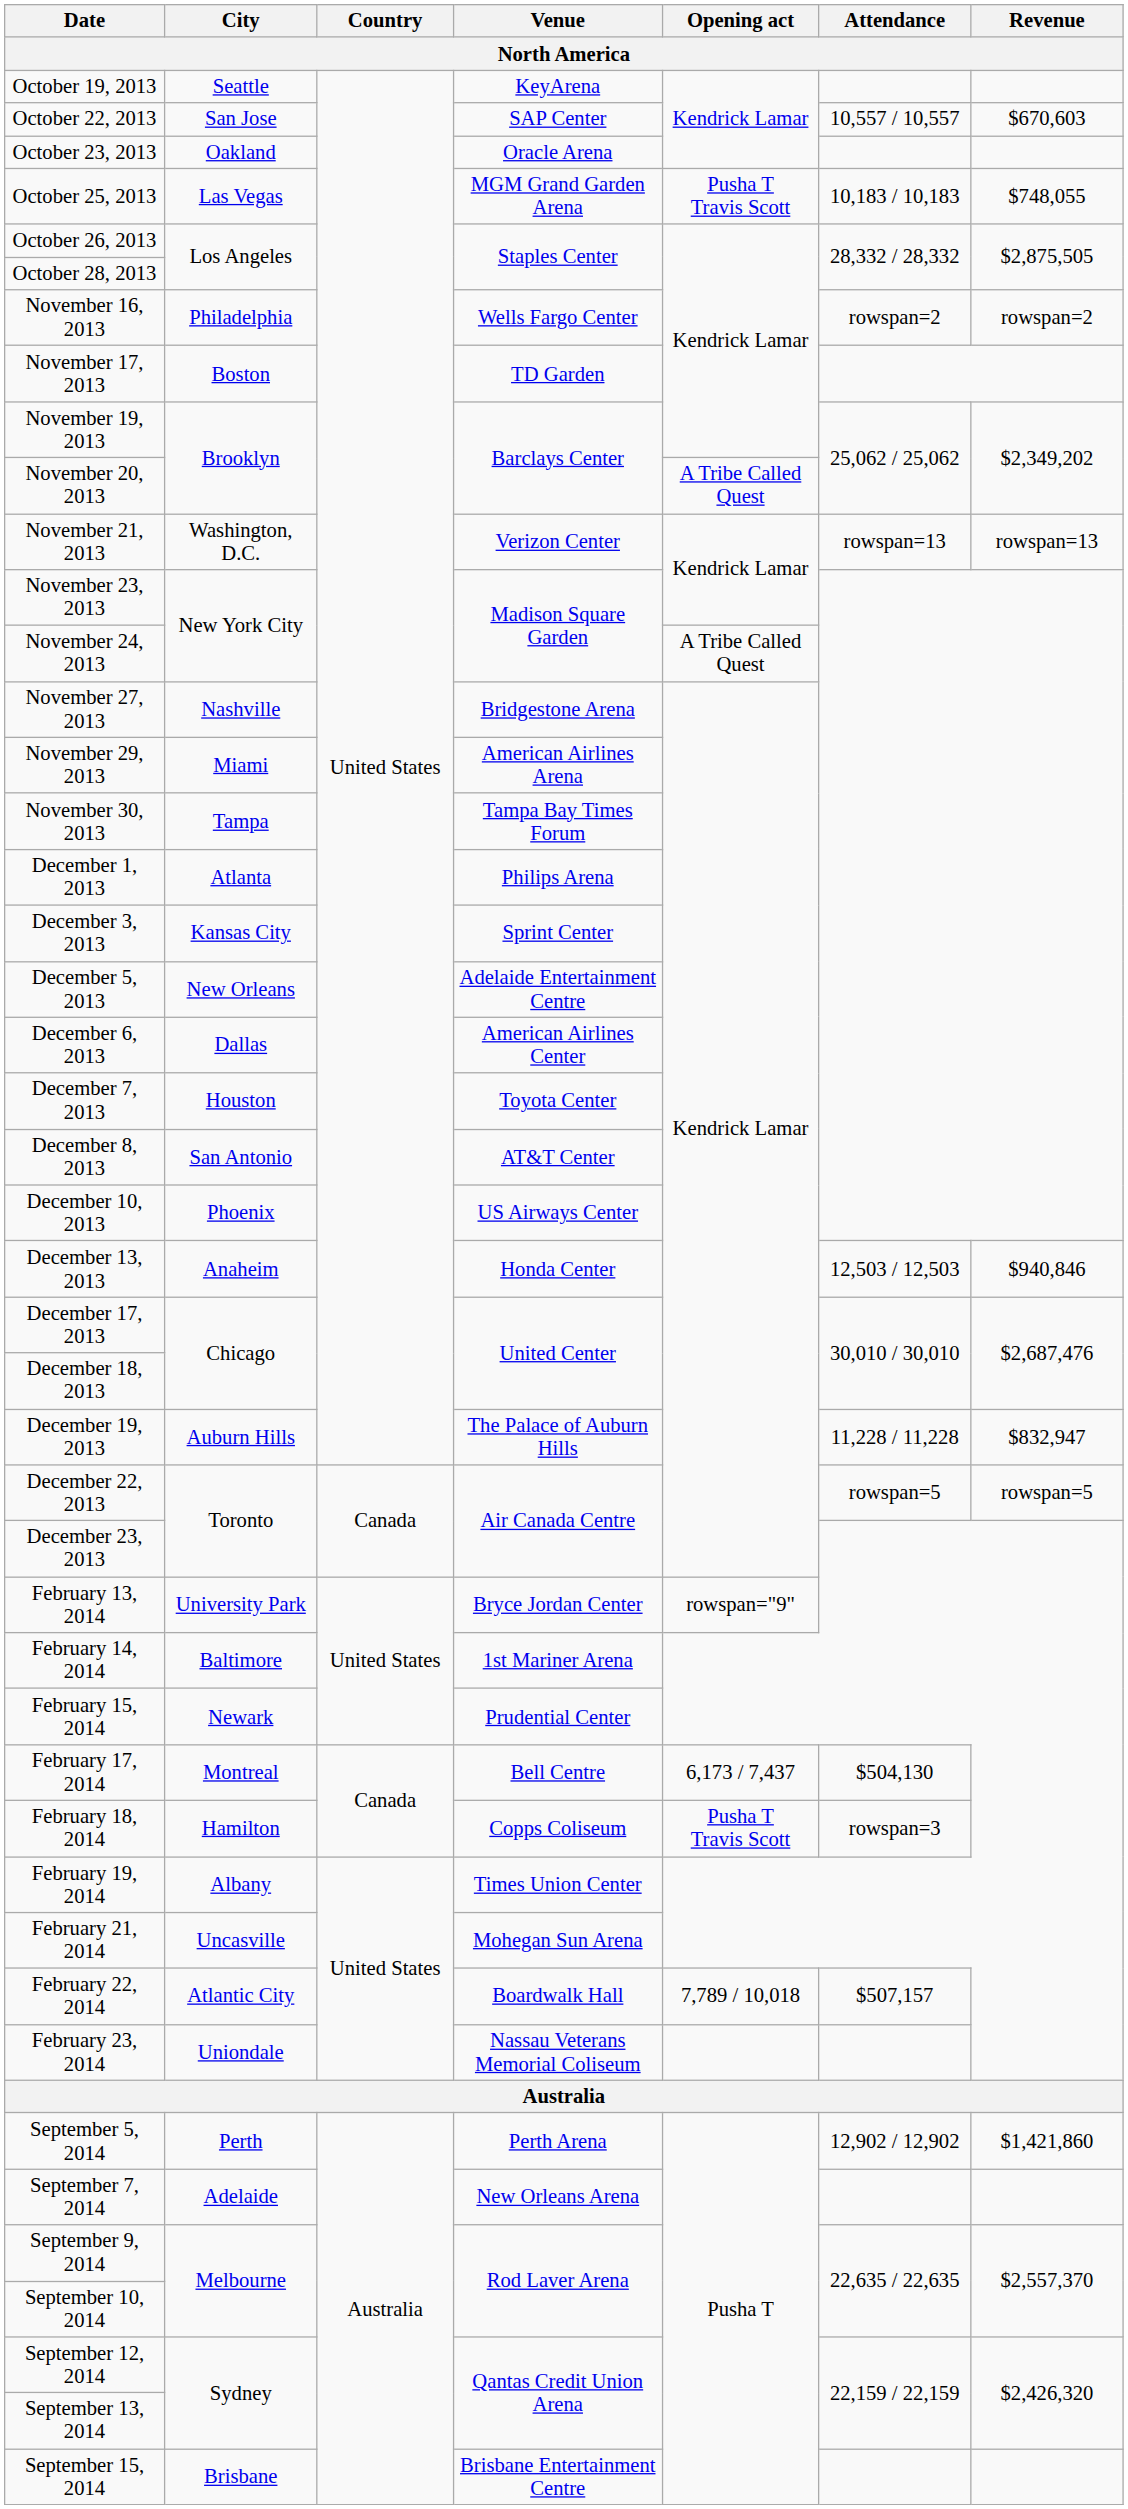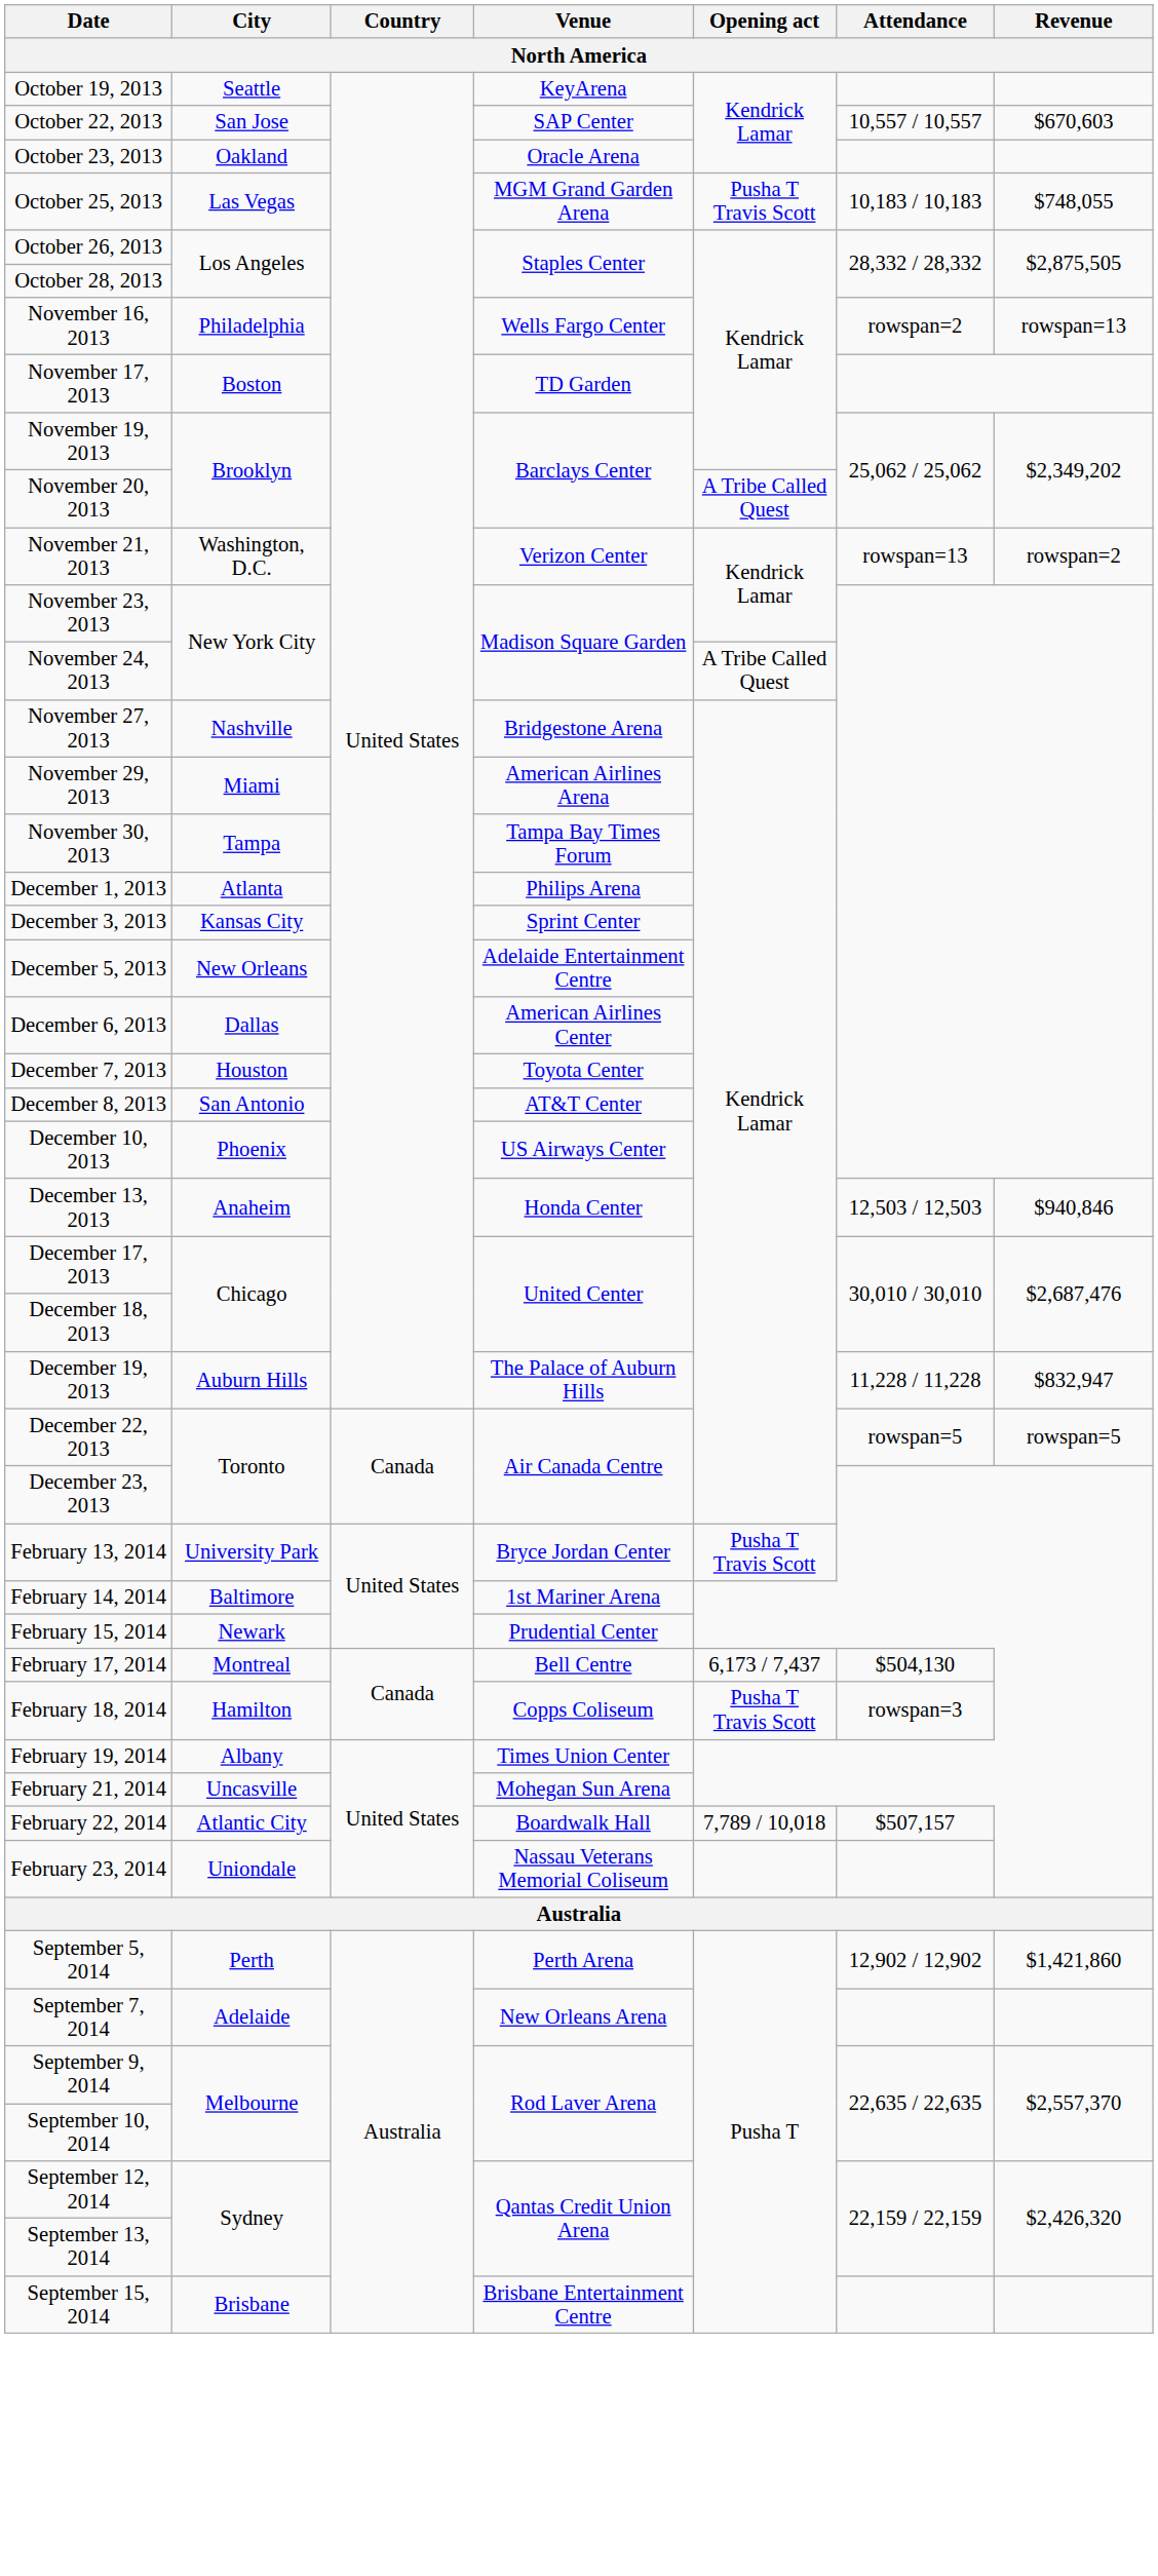 <table class="wikitable" style="text-align:center;">
 <tr>
 <th scope="col" style="width:12em;">Date</th>
 <th scope="col" style="width:10em;">City</th>
 <th scope="col" style="width:10em;">Country</th>
 <th scope="col" style="width:16em;">Venue</th>
 <th scope="col" style="width:10em;">Opening act</th>
 <th scope="col" style="width:10em;">Attendance</th>
 <th scope="col" style="width:10em;">Revenue</th>
 </tr>
 <tr>
 <th colspan="7">North America</th>
 </tr>
 <tr>
 <td>October 19, 2013</td>
 <td><a href='#'>Seattle</a></td>
 <td rowspan="27">United States</td>
 <td><a href='#'>KeyArena</a></td>
 <td rowspan=3><a href='#'>Kendrick Lamar</a></td>
 <td></td>
 <td></td>
 </tr>
 <tr>
 <td>October 22, 2013</td>
 <td><a href='#'>San Jose</a></td>
 <td><a href='#'>SAP Center</a></td>
 <td>10,557 / 10,557</td>
 <td>$670,603</td>
 </tr>
 <tr>
 <td>October 23, 2013</td>
 <td><a href='#'>Oakland</a></td>
 <td><a href='#'>Oracle Arena</a></td>
 <td></td>
 <td></td>
 </tr>
 <tr>
 <td>October 25, 2013</td>
 <td><a href='#'>Las Vegas</a></td>
 <td><a href='#'>MGM Grand Garden Arena</a></td>
 <td><a href='#'>Pusha T</a><br><a href='#'>Travis Scott</a></td>
 <td>10,183 / 10,183</td>
 <td>$748,055</td>
 </tr>
 <tr>
 <td>October 26, 2013</td>
 <td rowspan=2>Los Angeles</td>
 <td rowspan=2><a href='#'>Staples Center</a></td>
 <td rowspan=5>Kendrick Lamar</td>
 <td rowspan=2>28,332 / 28,332</td>
 <td rowspan=2>$2,875,505</td>
 </tr>
 <tr>
 <td>October 28, 2013</td>
 </tr>
 <tr>
 <td>November 16, 2013</td>
 <td><a href='#'>Philadelphia</a></td>
 <td><a href='#'>Wells Fargo Center</a></td>
 <td>rowspan=2 </td>
-<td>rowspan=2 </td>
+<td>rowspan=13 </td>
 </tr>
 <tr>
 <td>November 17, 2013</td>
 <td><a href='#'>Boston</a></td>
 <td><a href='#'>TD Garden</a></td>
 </tr>
 <tr>
 <td>November 19, 2013</td>
 <td rowspan=2><a href='#'>Brooklyn</a></td>
 <td rowspan=2><a href='#'>Barclays Center</a></td>
 <td rowspan=2>25,062 / 25,062</td>
 <td rowspan=2>$2,349,202</td>
 </tr>
 <tr>
 <td>November 20, 2013</td>
 <td><a href='#'>A Tribe Called Quest</a></td>
 </tr>
 <tr>
 <td>November 21, 2013</td>
 <td>Washington, D.C.</td>
 <td><a href='#'>Verizon Center</a></td>
 <td rowspan="2">Kendrick Lamar</td>
 <td>rowspan=13 </td>
-<td>rowspan=13 </td>
+<td>rowspan=2 </td>
 </tr>
 <tr>
 <td>November 23, 2013</td>
 <td rowspan=2>New York City</td>
 <td rowspan=2><a href='#'>Madison Square Garden</a></td>
 </tr>
 <tr>
 <td>November 24, 2013</td>
 <td>A Tribe Called Quest</td>
 </tr>
 <tr>
 <td>November 27, 2013</td>
 <td><a href='#'>Nashville</a></td>
 <td><a href='#'>Bridgestone Arena</a></td>
 <td rowspan="16">Kendrick Lamar</td>
 </tr>
 <tr>
 <td>November 29, 2013</td>
 <td><a href='#'>Miami</a></td>
 <td><a href='#'>American Airlines Arena</a></td>
 </tr>
 <tr>
 <td>November 30, 2013</td>
 <td><a href='#'>Tampa</a></td>
 <td><a href='#'>Tampa Bay Times Forum</a></td>
 </tr>
 <tr>
 <td>December 1, 2013</td>
 <td><a href='#'>Atlanta</a></td>
 <td><a href='#'>Philips Arena</a></td>
 </tr>
 <tr>
 <td>December 3, 2013</td>
 <td><a href='#'>Kansas City</a></td>
 <td><a href='#'>Sprint Center</a></td>
 </tr>
 <tr>
 <td>December 5, 2013</td>
 <td><a href='#'>New Orleans</a></td>
 <td><a href='#'>Adelaide Entertainment Centre</a></td>
 </tr>
 <tr>
 <td>December 6, 2013</td>
 <td><a href='#'>Dallas</a></td>
 <td><a href='#'>American Airlines Center</a></td>
 </tr>
 <tr>
 <td>December 7, 2013</td>
 <td><a href='#'>Houston</a></td>
 <td><a href='#'>Toyota Center</a></td>
 </tr>
 <tr>
 <td>December 8, 2013</td>
 <td><a href='#'>San Antonio</a></td>
 <td><a href='#'>AT&T Center</a></td>
 </tr>
 <tr>
 <td>December 10, 2013</td>
 <td><a href='#'>Phoenix</a></td>
 <td><a href='#'>US Airways Center</a></td>
 </tr>
 <tr>
 <td>December 13, 2013</td>
 <td><a href='#'>Anaheim</a></td>
 <td><a href='#'>Honda Center</a></td>
 <td>12,503 / 12,503</td>
 <td>$940,846</td>
 </tr>
 <tr>
 <td>December 17, 2013</td>
 <td rowspan=2>Chicago</td>
 <td rowspan=2><a href='#'>United Center</a></td>
 <td rowspan=2>30,010 / 30,010</td>
 <td rowspan=2>$2,687,476</td>
 </tr>
 <tr>
 <td>December 18, 2013</td>
 </tr>
 <tr>
 <td>December 19, 2013</td>
 <td><a href='#'>Auburn Hills</a></td>
 <td><a href='#'>The Palace of Auburn Hills</a></td>
 <td>11,228 / 11,228</td>
 <td>$832,947</td>
 </tr>
 <tr>
 <td>December 22, 2013</td>
 <td rowspan=2>Toronto</td>
 <td rowspan="2">Canada</td>
 <td rowspan=2><a href='#'>Air Canada Centre</a></td>
 <td>rowspan=5 </td>
 <td>rowspan=5 </td>
 </tr>
 <tr>
 <td>December 23, 2013</td>
 </tr>
 <tr>
 <td>February 13, 2014</td>
 <td><a href='#'>University Park</a></td>
 <td rowspan="3">United States</td>
 <td><a href='#'>Bryce Jordan Center</a></td>
-<td>rowspan="9" </td>
+<td><a href='#'>Pusha T</a><br><a href='#'>Travis Scott</a></td>
 </tr>
 <tr>
 <td>February 14, 2014</td>
 <td><a href='#'>Baltimore</a></td>
 <td><a href='#'>1st Mariner Arena</a></td>
 </tr>
 <tr>
 <td>February 15, 2014</td>
 <td><a href='#'>Newark</a></td>
 <td><a href='#'>Prudential Center</a></td>
 </tr>
 <tr>
 <td>February 17, 2014</td>
 <td><a href='#'>Montreal</a></td>
 <td rowspan="2">Canada</td>
 <td><a href='#'>Bell Centre</a></td>
 <td>6,173 / 7,437</td>
 <td>$504,130</td>
 </tr>
 <tr>
 <td>February 18, 2014</td>
 <td><a href='#'>Hamilton</a></td>
 <td><a href='#'>Copps Coliseum</a></td>
 <td><a href='#'>Pusha T</a><br><a href='#'>Travis Scott</a></td>
 <td>rowspan=3 </td>
 </tr>
 <tr>
 <td>February 19, 2014</td>
 <td><a href='#'>Albany</a></td>
 <td rowspan="4">United States</td>
 <td><a href='#'>Times Union Center</a></td>
 </tr>
 <tr>
 <td>February 21, 2014</td>
 <td><a href='#'>Uncasville</a></td>
 <td><a href='#'>Mohegan Sun Arena</a></td>
 </tr>
 <tr>
 <td>February 22, 2014</td>
 <td><a href='#'>Atlantic City</a></td>
 <td><a href='#'>Boardwalk Hall</a></td>
 <td>7,789 / 10,018</td>
 <td>$507,157</td>
 </tr>
 <tr>
 <td>February 23, 2014</td>
 <td><a href='#'>Uniondale</a></td>
 <td><a href='#'>Nassau Veterans Memorial Coliseum</a></td>
 <td></td>
 <td></td>
 </tr>
 <tr>
 <th colspan="7">Australia</th>
 </tr>
 <tr>
 <td>September 5, 2014</td>
 <td><a href='#'>Perth</a></td>
 <td rowspan="7">Australia</td>
 <td><a href='#'>Perth Arena</a></td>
 <td rowspan="7">Pusha T</td>
 <td>12,902 / 12,902</td>
 <td>$1,421,860</td>
 </tr>
 <tr>
 <td>September 7, 2014</td>
 <td><a href='#'>Adelaide</a></td>
 <td><a href='#'>New Orleans Arena</a></td>
 <td></td>
 <td></td>
 </tr>
 <tr>
 <td>September 9, 2014</td>
 <td rowspan=2><a href='#'>Melbourne</a></td>
 <td rowspan=2><a href='#'>Rod Laver Arena</a></td>
 <td rowspan=2>22,635 / 22,635</td>
 <td rowspan=2>$2,557,370</td>
 </tr>
 <tr>
 <td>September 10, 2014</td>
 </tr>
 <tr>
 <td>September 12, 2014</td>
 <td rowspan=2>Sydney</td>
 <td rowspan=2><a href='#'>Qantas Credit Union Arena</a></td>
 <td rowspan=2>22,159 / 22,159</td>
 <td rowspan=2>$2,426,320</td>
 </tr>
 <tr>
 <td>September 13, 2014</td>
 </tr>
 <tr>
 <td>September 15, 2014</td>
 <td><a href='#'>Brisbane</a></td>
 <td><a href='#'>Brisbane Entertainment Centre</a></td>
 <td></td>
 <td></td>
 </tr>
 </table>
